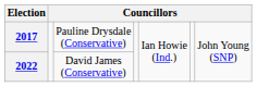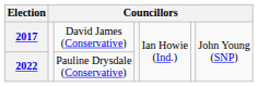 <table class="wikitable" style="text-align:center">
 <tr>
 <th>Election</th>
 <th colspan=8>Councillors</th>
 </tr>
 <tr>
 <th><a href='#'>2017</a></th>
 <td rowspan=2; style="background-color: "></td>
-<td>Pauline Drysdale<br>(<a href='#'>Conservative</a>)</td>
+<td>David James<br>(<a href='#'>Conservative</a>)</td>
 <td rowspan=2; style="background-color: "></td>
 <td rowspan=2>Ian Howie<br>(<a href='#'>Ind</a>.)</td>
 <td rowspan=2; style="background-color: "></td>
 <td rowspan=2>John Young<br>(<a href='#'>SNP</a>)</td>
 </tr>
 <tr>
 <th><a href='#'>2022</a></th>
-<td>David James<br>(<a href='#'>Conservative</a>)</td>
+<td>Pauline Drysdale<br>(<a href='#'>Conservative</a>)</td>
 </tr>
 </table>
